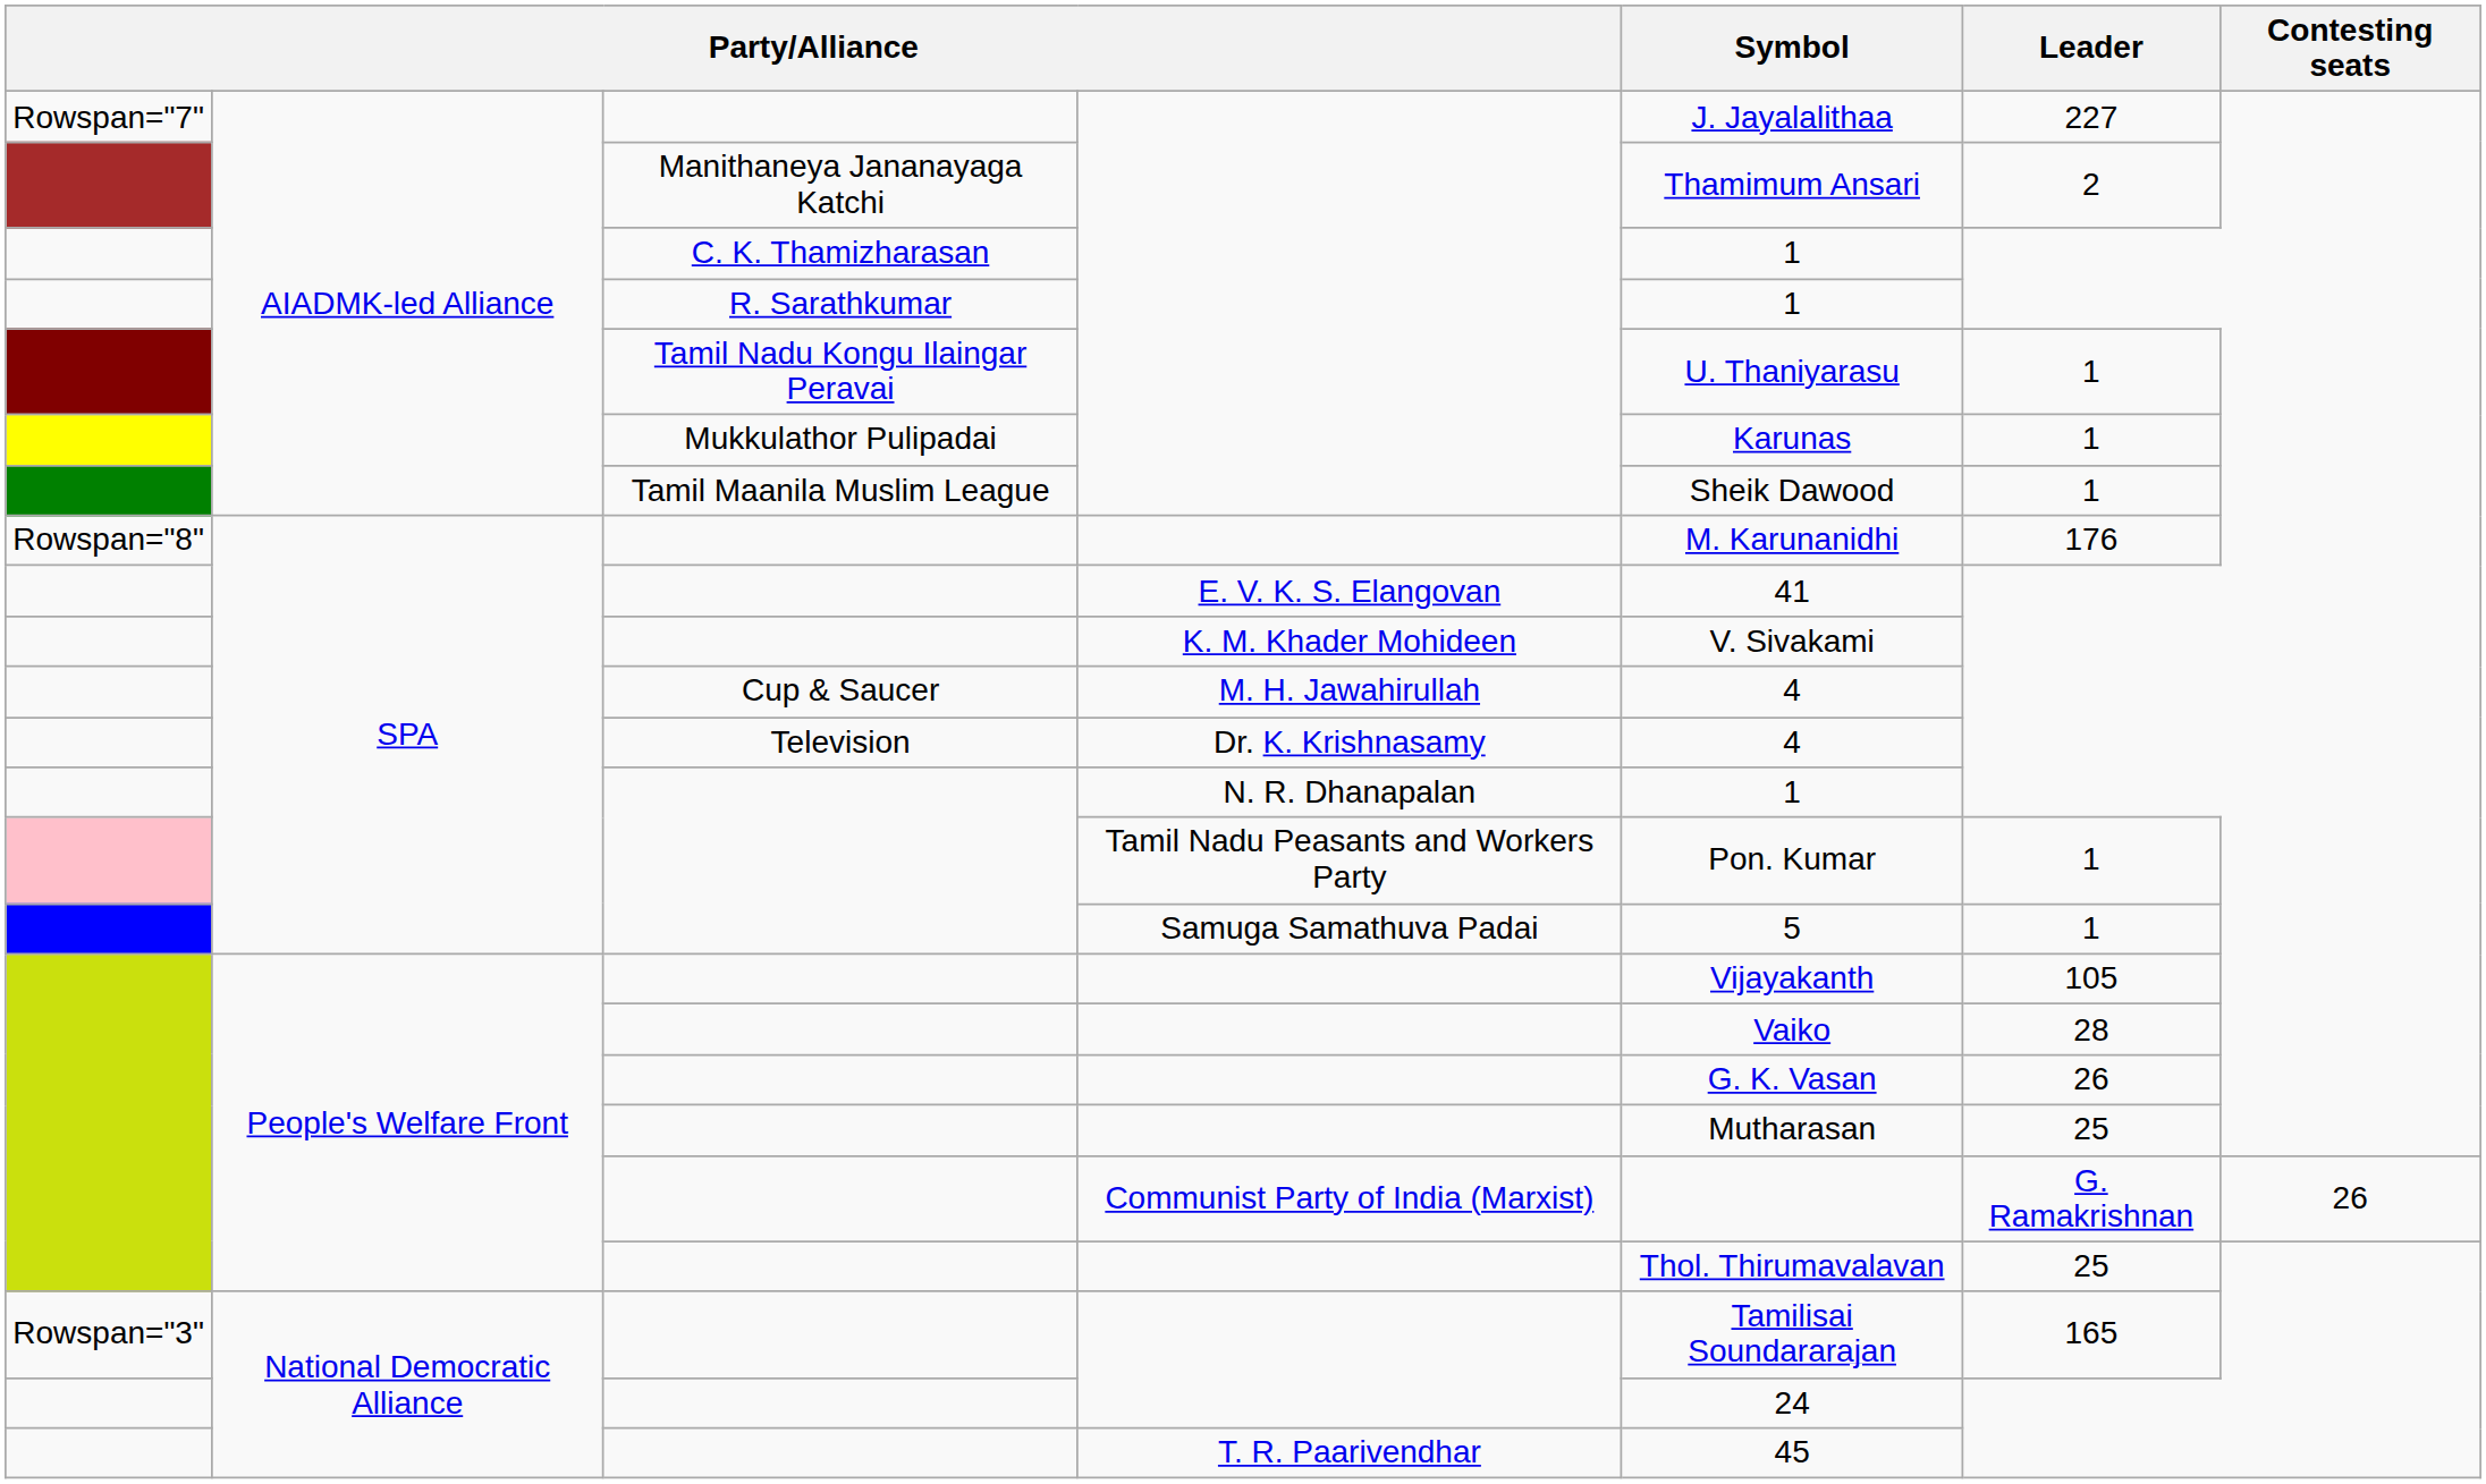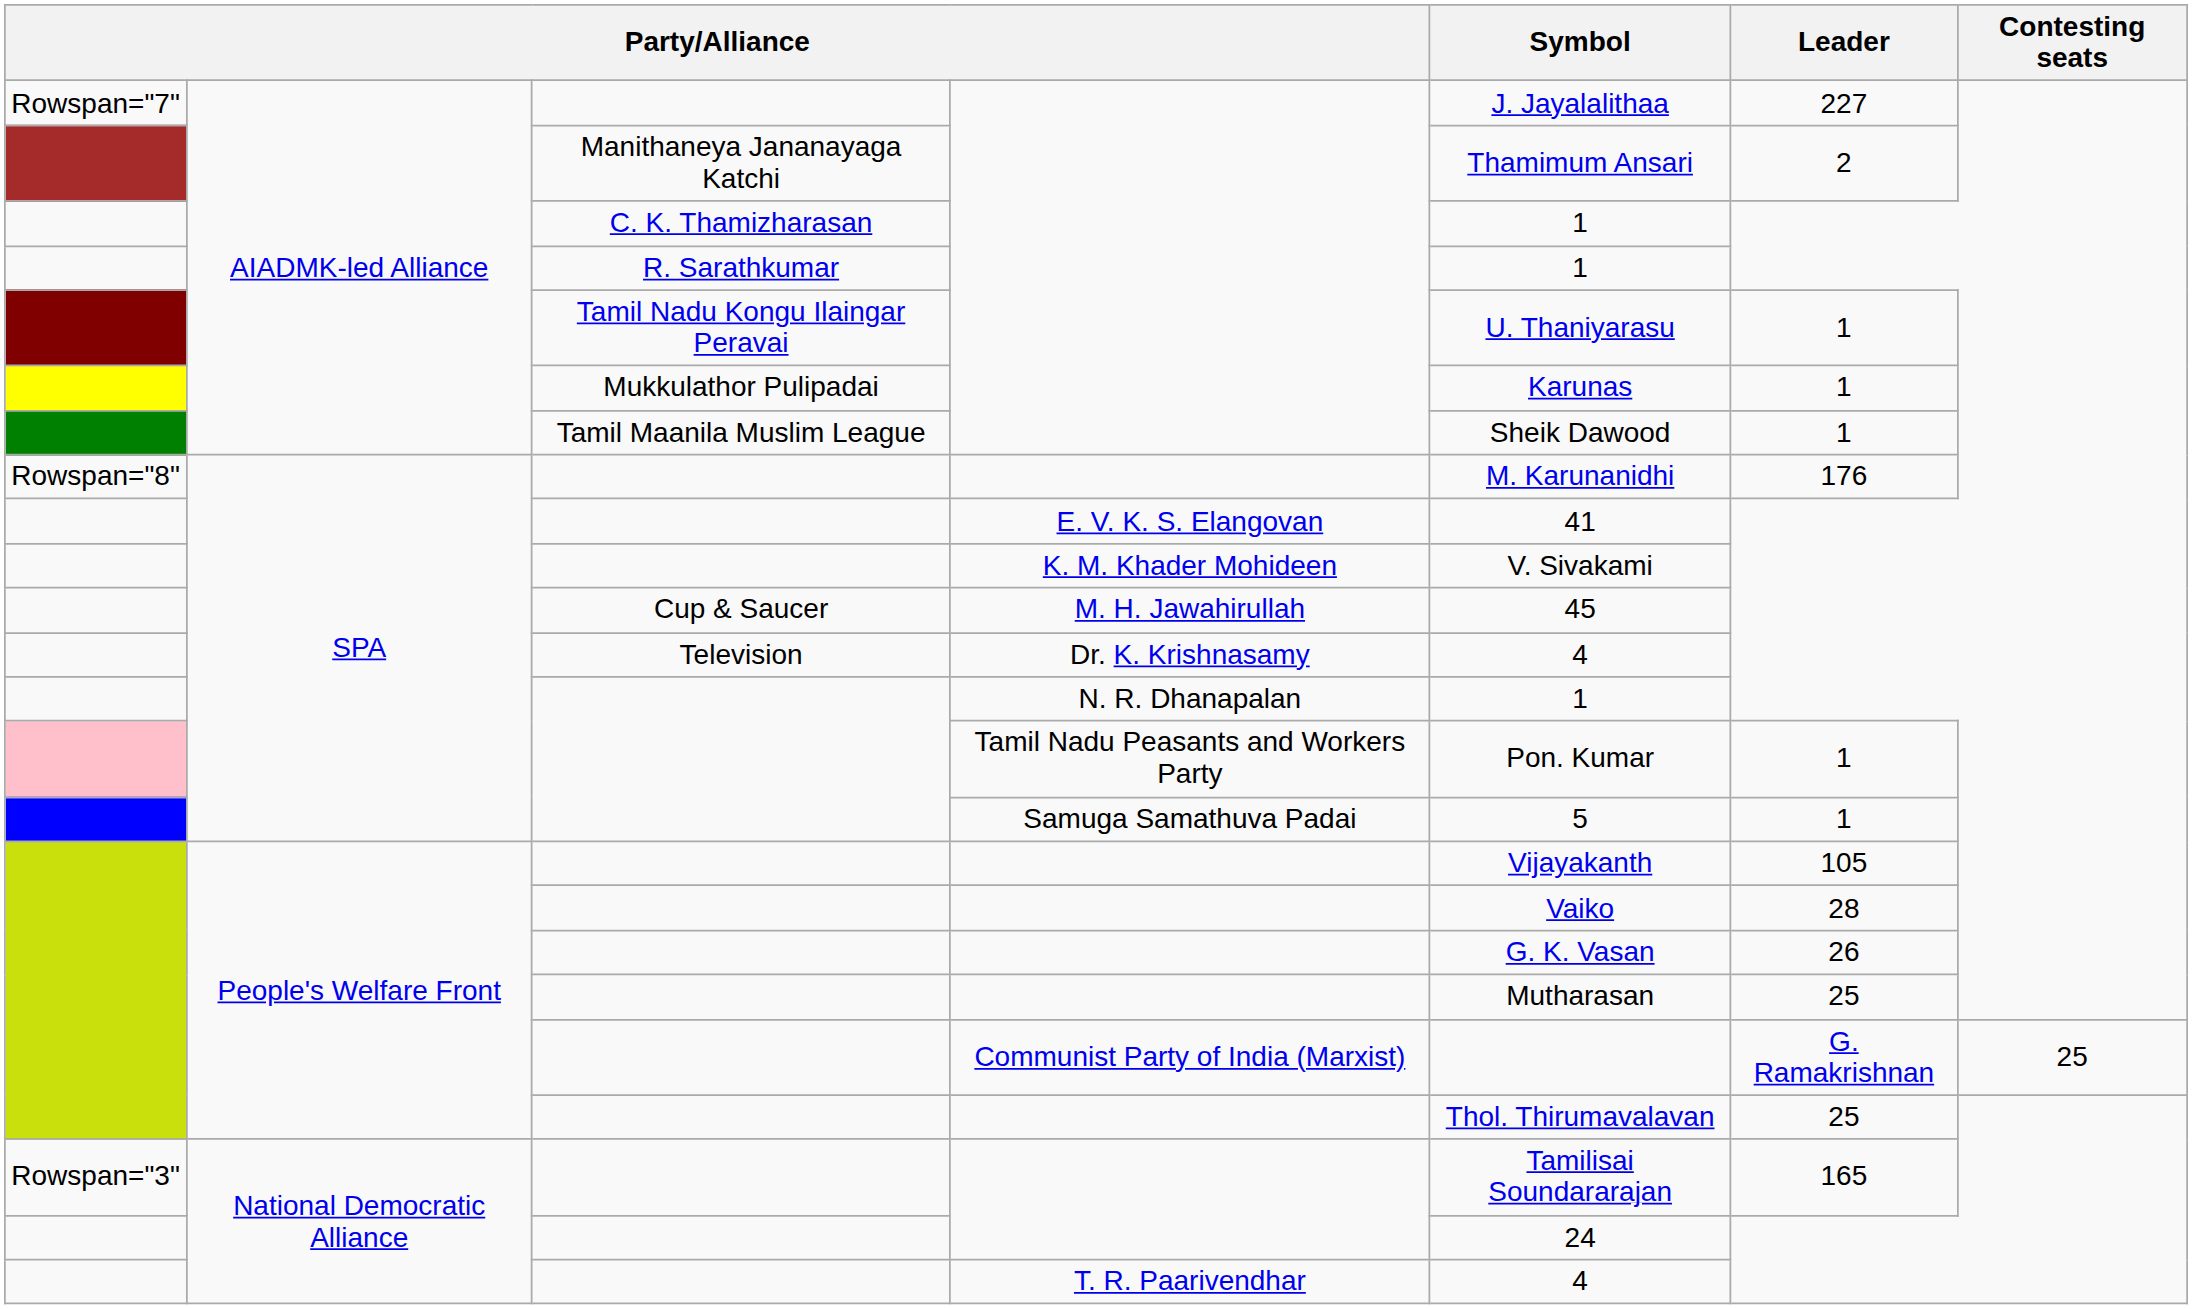 <table class="wikitable " style="text-align:center;">
 <tr>
 <th colspan="4">Party/Alliance</th>
 <th>Symbol</th>
 <th>Leader</th>
 <th>Contesting seats</th>
 </tr>
 <tr>
 <td>Rowspan="7" </td>
 <td Rowspan="7"><a href='#'>AIADMK-led Alliance</a></td>
 <td></td>
 <td rowspan=7></td>
 <td><a href='#'>J. Jayalalithaa</a></td>
 <td>227</td>
 </tr>
 <tr>
 <td style="background-color: brown;"></td>
 <td>Manithaneya Jananayaga Katchi</td>
 <td><a href='#'>Thamimum Ansari</a></td>
 <td>2</td>
 </tr>
 <tr>
 <td></td>
 <td><a href='#'>C. K. Thamizharasan</a></td>
 <td>1</td>
 </tr>
 <tr>
 <td></td>
 <td><a href='#'>R. Sarathkumar</a></td>
 <td>1</td>
 </tr>
 <tr>
 <td style="background-color: maroon;"></td>
 <td><a href='#'>Tamil Nadu Kongu Ilaingar Peravai</a></td>
 <td><a href='#'>U. Thaniyarasu</a></td>
 <td>1</td>
 </tr>
 <tr>
 <td style="background-color: yellow;"></td>
 <td>Mukkulathor Pulipadai</td>
 <td><a href='#'>Karunas</a></td>
 <td>1</td>
 </tr>
 <tr>
 <td style="background-color: green;"></td>
 <td>Tamil Maanila Muslim League</td>
 <td>Sheik Dawood</td>
 <td>1</td>
 </tr>
 <tr>
 <td>Rowspan="8" </td>
 <td Rowspan="8"><a href='#'>SPA</a></td>
 <td></td>
 <td></td>
 <td><a href='#'>M. Karunanidhi</a></td>
 <td>176</td>
 </tr>
 <tr>
 <td></td>
 <td></td>
 <td><a href='#'>E. V. K. S. Elangovan</a></td>
 <td>41</td>
 </tr>
 <tr>
 <td></td>
 <td></td>
 <td><a href='#'>K. M. Khader Mohideen</a></td>
 <td>V. Sivakami</td>
 </tr>
 <tr>
 <td></td>
 <td>Cup & Saucer</td>
 <td><a href='#'>M. H. Jawahirullah</a></td>
-<td>4</td>
+<td>45</td>
 </tr>
 <tr>
 <td></td>
 <td>Television</td>
 <td>Dr. <a href='#'>K. Krishnasamy</a></td>
 <td>4</td>
 </tr>
 <tr>
 <td></td>
 <td Rowspan="3"></td>
 <td>N. R. Dhanapalan</td>
 <td>1</td>
 </tr>
 <tr>
 <td style="background-color: pink;"></td>
 <td>Tamil Nadu Peasants and Workers Party</td>
 <td>Pon. Kumar</td>
 <td>1</td>
 </tr>
 <tr>
 <td style="background-color: blue;"></td>
 <td>Samuga Samathuva Padai</td>
 <td>5</td>
 <td>1</td>
 </tr>
 <tr>
 <td rowspan="6" bgcolor="#CAE00D"></td>
 <td Rowspan="6"><a href='#'>People's Welfare Front</a></td>
 <td></td>
 <td></td>
 <td><a href='#'>Vijayakanth</a></td>
 <td>105</td>
 </tr>
 <tr>
 <td></td>
 <td></td>
 <td><a href='#'>Vaiko</a></td>
 <td>28</td>
 </tr>
 <tr>
 <td></td>
 <td></td>
 <td><a href='#'>G. K. Vasan</a></td>
 <td>26</td>
 </tr>
 <tr>
 <td></td>
 <td></td>
 <td>Mutharasan</td>
 <td>25</td>
 </tr>
 <tr>
 <td></td>
 <td><a href='#'>Communist Party of India (Marxist)</a></td>
 <td></td>
 <td><a href='#'>G. Ramakrishnan</a></td>
-<td>26</td>
+<td>25</td>
 </tr>
 <tr>
 <td></td>
 <td></td>
 <td><a href='#'>Thol. Thirumavalavan</a></td>
 <td>25</td>
 </tr>
 <tr>
 <td>Rowspan="3" </td>
 <td Rowspan="3"><a href='#'>National Democratic Alliance</a></td>
 <td></td>
 <td rowspan=2></td>
 <td><a href='#'>Tamilisai Soundararajan</a></td>
 <td>165</td>
 </tr>
 <tr>
 <td></td>
 <td></td>
 <td>24</td>
 </tr>
 <tr>
 <td></td>
 <td></td>
 <td><a href='#'>T. R. Paarivendhar</a></td>
-<td>45</td>
+<td>4</td>
 </tr>
 </table>
